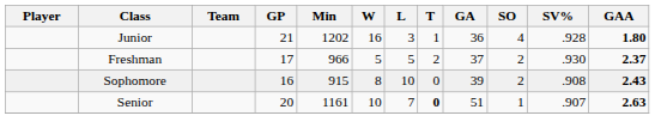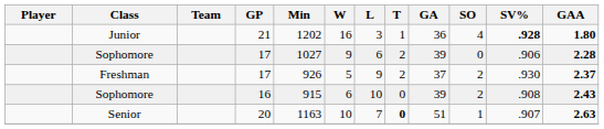 <table class="wikitable sortable" style="text-align: center; "width=60%">
 <tr>
 <th>Player</th>
 <th>Class</th>
 <th>Team</th>
 <th>GP</th>
 <th>Min</th>
 <th>W</th>
 <th>L</th>
 <th>T</th>
 <th>GA</th>
 <th>SO</th>
 <th>SV%</th>
 <th>GAA</th>
 </tr>
 <tr>
 <td style="text-align: left"></td>
 <td>Junior</td>
 <td><strong><a href='#'></a></strong></td>
 <td style="text-align: right">21</td>
 <td style="text-align: right">1202</td>
 <td style="text-align: right">16</td>
 <td style="text-align: right">3</td>
 <td style="text-align: right">1</td>
 <td style="text-align: right">36</td>
 <td style="text-align: right">4</td>
-<td style="text-align: right">.928</td>
+<td style="text-align: right"><strong>.928</strong></td>
 <td style="text-align: right"><strong>1.80</strong></td>
+</tr>
+<tr bgcolor=f0f0f0>
+<td style="text-align: left"></td>
+<td>Sophomore</td>
+<td><strong><a href='#'></a></strong></td>
+<td style="text-align: right">17</td>
+<td style="text-align: right">1027</td>
+<td style="text-align: right">9</td>
+<td style="text-align: right">6</td>
+<td style="text-align: right">2</td>
+<td style="text-align: right">39</td>
+<td style="text-align: right">0</td>
+<td style="text-align: right">.906</td>
+<td style="text-align: right"><strong>2.28</strong></td>
 </tr>
 <tr>
 <td style="text-align: left"></td>
 <td>Freshman</td>
 <td><strong><a href='#'></a></strong></td>
 <td style="text-align: right">17</td>
-<td style="text-align: right">966</td>
+<td style="text-align: right">926</td>
 <td style="text-align: right">5</td>
-<td style="text-align: right">5</td>
+<td style="text-align: right">9</td>
 <td style="text-align: right">2</td>
 <td style="text-align: right">37</td>
 <td style="text-align: right">2</td>
 <td style="text-align: right">.930</td>
 <td style="text-align: right"><strong>2.37</strong></td>
 </tr>
 <tr bgcolor=f0f0f0>
 <td style="text-align: left"></td>
 <td>Sophomore</td>
 <td><strong><a href='#'></a></strong></td>
 <td style="text-align: right">16</td>
 <td style="text-align: right">915</td>
-<td style="text-align: right">8</td>
+<td style="text-align: right">6</td>
 <td style="text-align: right">10</td>
 <td style="text-align: right">0</td>
 <td style="text-align: right">39</td>
 <td style="text-align: right">2</td>
 <td style="text-align: right">.908</td>
 <td style="text-align: right"><strong>2.43</strong></td>
 </tr>
 <tr>
 <td style="text-align: left"></td>
 <td>Senior</td>
 <td><strong><a href='#'></a></strong></td>
 <td style="text-align: right">20</td>
-<td style="text-align: right">1161</td>
+<td style="text-align: right">1163</td>
 <td style="text-align: right">10</td>
 <td style="text-align: right">7</td>
 <td style="text-align: right"><strong>0</strong></td>
 <td style="text-align: right">51</td>
 <td style="text-align: right">1</td>
 <td style="text-align: right">.907</td>
 <td style="text-align: right"><strong>2.63</strong></td>
 </tr>
 <tr>
 </tr>
 </table>
